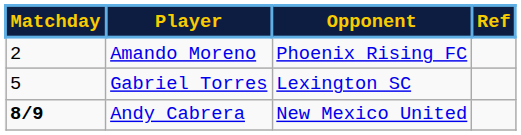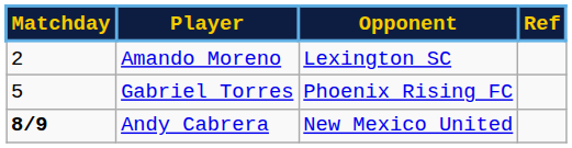 <table class=wikitable>
 <tr>
 <th style="background:#0D1D41; color:#F8CC00; border:2px solid #5FAFE4;">Matchday</th>
 <th style="background:#0D1D41; color:#F8CC00; border:2px solid #5FAFE4;">Player</th>
 <th style="background:#0D1D41; color:#F8CC00; border:2px solid #5FAFE4;">Opponent</th>
 <th style="background:#0D1D41; color:#F8CC00; border:2px solid #5FAFE4;">Ref</th>
 </tr>
 <tr>
 <td>2</td>
 <td> <a href='#'>Amando Moreno</a></td>
-<td><a href='#'>Phoenix Rising FC</a></td>
+<td><a href='#'>Lexington SC</a></td>
 <td style="text-align:center"></td>
 </tr>
 <tr>
 <td>5</td>
 <td> <a href='#'>Gabriel Torres</a></td>
-<td><a href='#'>Lexington SC</a></td>
+<td><a href='#'>Phoenix Rising FC</a></td>
 <td style="text-align:center"></td>
 </tr>
 <tr>
 <td><strong>8/9</strong></td>
 <td> <a href='#'>Andy Cabrera</a></td>
 <td><a href='#'>New Mexico United</a></td>
 <td rowspan=2 style="text-align:center"></td>
 </tr>
 </table>
